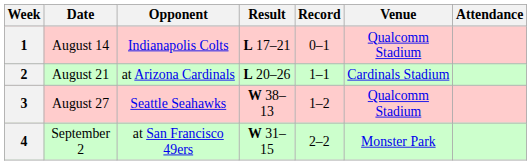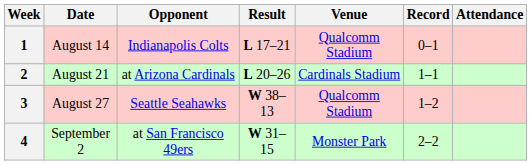 <table class="wikitable" style="text-align:center">
 <tr>
 <th>Week</th>
 <th>Date</th>
 <th>Opponent</th>
 <th>Result</th>
+<th>Venue</th>
 <th>Record</th>
-<th>Venue</th>
 <th>Attendance</th>
 </tr>
 <tr style="background: #fcc;">
 <th>1</th>
 <td>August 14</td>
 <td><a href='#'>Indianapolis Colts</a></td>
 <td><strong>L</strong> 17–21</td>
+<td><a href='#'>Qualcomm Stadium</a></td>
 <td>0–1</td>
-<td><a href='#'>Qualcomm Stadium</a></td>
 <td></td>
 </tr>
 <tr style="background: #cfc;">
 <th>2</th>
 <td>August 21</td>
 <td>at <a href='#'>Arizona Cardinals</a></td>
 <td><strong>L</strong> 20–26</td>
+<td><a href='#'>Cardinals Stadium</a></td>
 <td>1–1</td>
-<td><a href='#'>Cardinals Stadium</a></td>
 <td></td>
 </tr>
 <tr style="background: #fcc;">
 <th>3</th>
 <td>August 27</td>
 <td><a href='#'>Seattle Seahawks</a></td>
 <td><strong>W</strong> 38–13</td>
+<td><a href='#'>Qualcomm Stadium</a></td>
 <td>1–2</td>
-<td><a href='#'>Qualcomm Stadium</a></td>
 <td></td>
 </tr>
 <tr style="background: #cfc;">
 <th>4</th>
 <td>September 2</td>
 <td>at <a href='#'>San Francisco 49ers</a></td>
 <td><strong>W</strong> 31–15</td>
+<td><a href='#'>Monster Park</a></td>
 <td>2–2</td>
-<td><a href='#'>Monster Park</a></td>
 <td></td>
 </tr>
 </table>
